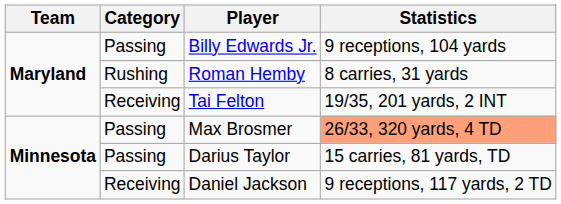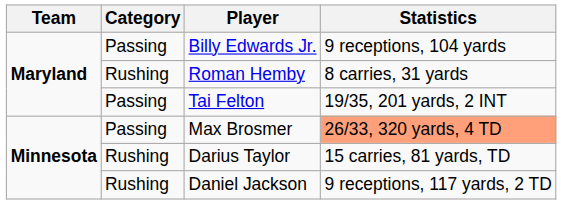 <table class="wikitable" style="float: right;">
 <tr>
 <th>Team</th>
 <th>Category</th>
 <th>Player</th>
 <th>Statistics</th>
 </tr>
 <tr>
 <td rowspan=3><strong>Maryland</strong></td>
 <td>Passing</td>
 <td><a href='#'>Billy Edwards Jr.</a></td>
 <td>9 receptions, 104 yards</td>
 </tr>
 <tr>
 <td>Rushing</td>
 <td><a href='#'>Roman Hemby</a></td>
 <td>8 carries, 31 yards</td>
 </tr>
 <tr>
-<td>Receiving</td>
+<td>Passing</td>
 <td><a href='#'>Tai Felton</a></td>
 <td>19/35, 201 yards, 2 INT</td>
 </tr>
 <tr>
 <td rowspan=3><strong>Minnesota</strong></td>
 <td>Passing</td>
 <td>Max Brosmer</td>
 <td style="background: lightsalmon;">26/33, 320 yards, 4 TD</td>
 </tr>
 <tr>
-<td>Passing</td>
+<td>Rushing</td>
 <td>Darius Taylor</td>
 <td>15 carries, 81 yards, TD</td>
 </tr>
 <tr>
-<td>Receiving</td>
+<td>Rushing</td>
 <td>Daniel Jackson</td>
 <td>9 receptions, 117 yards, 2 TD</td>
 </tr>
 </table>
